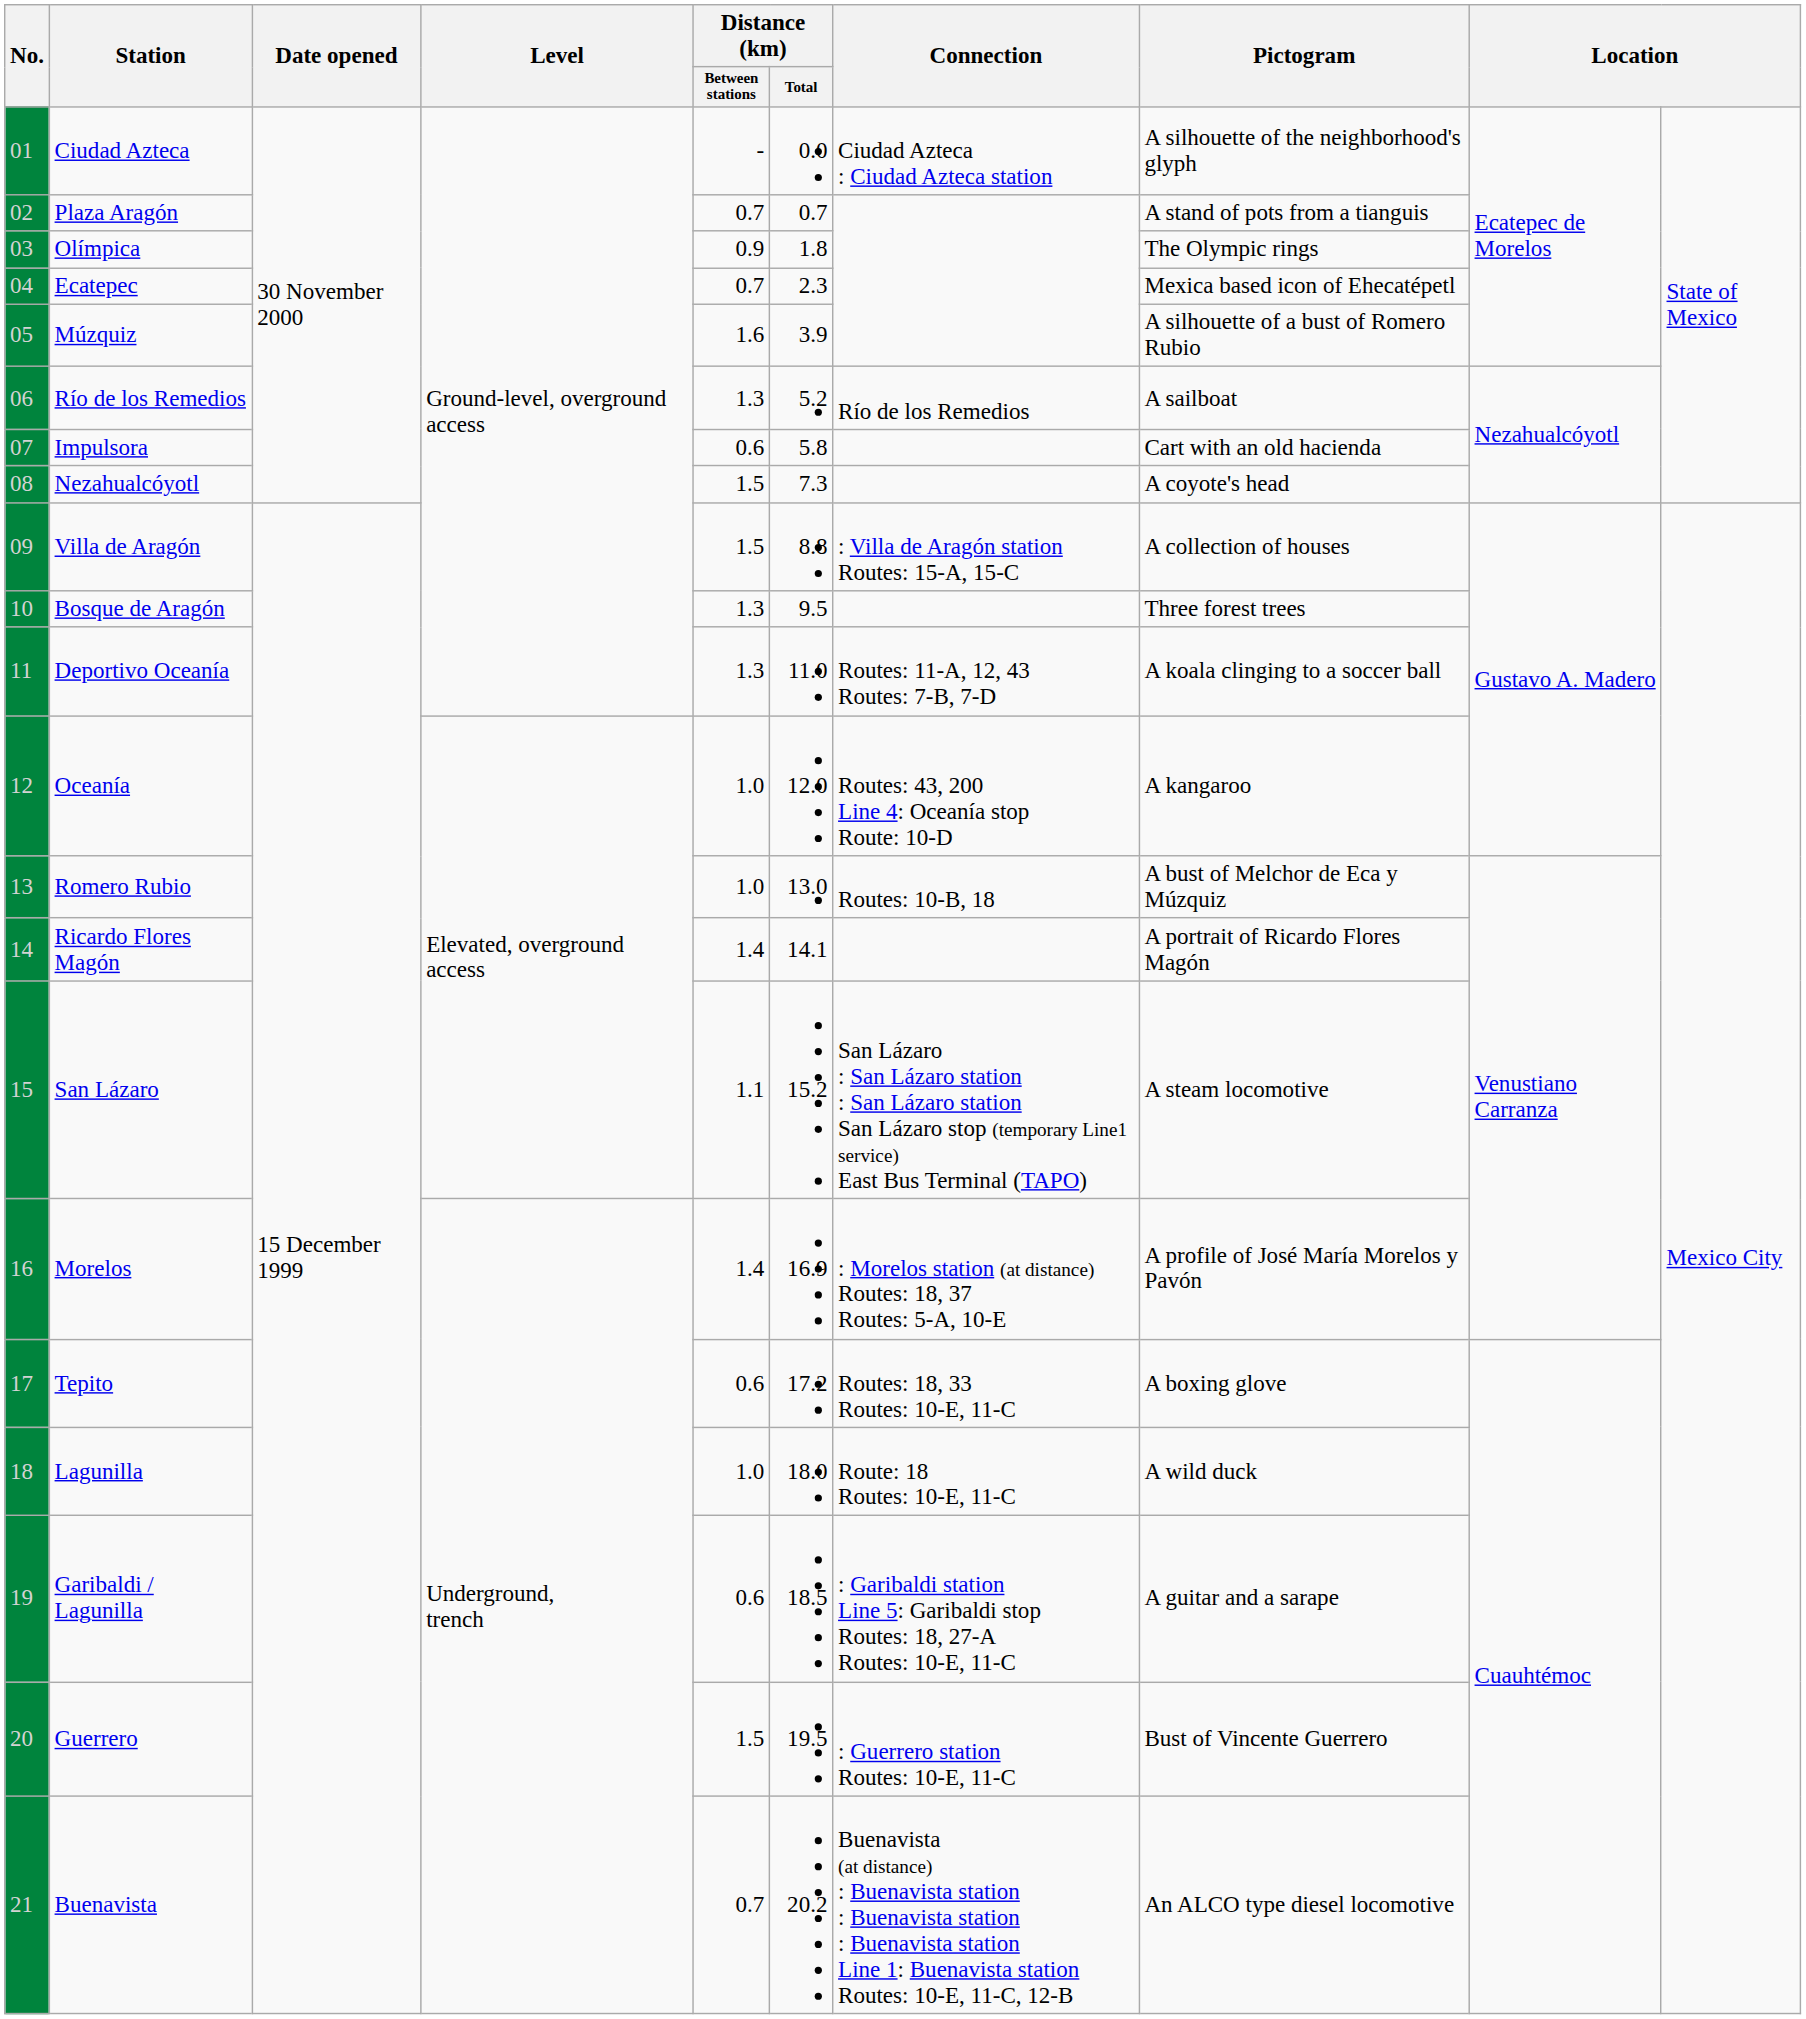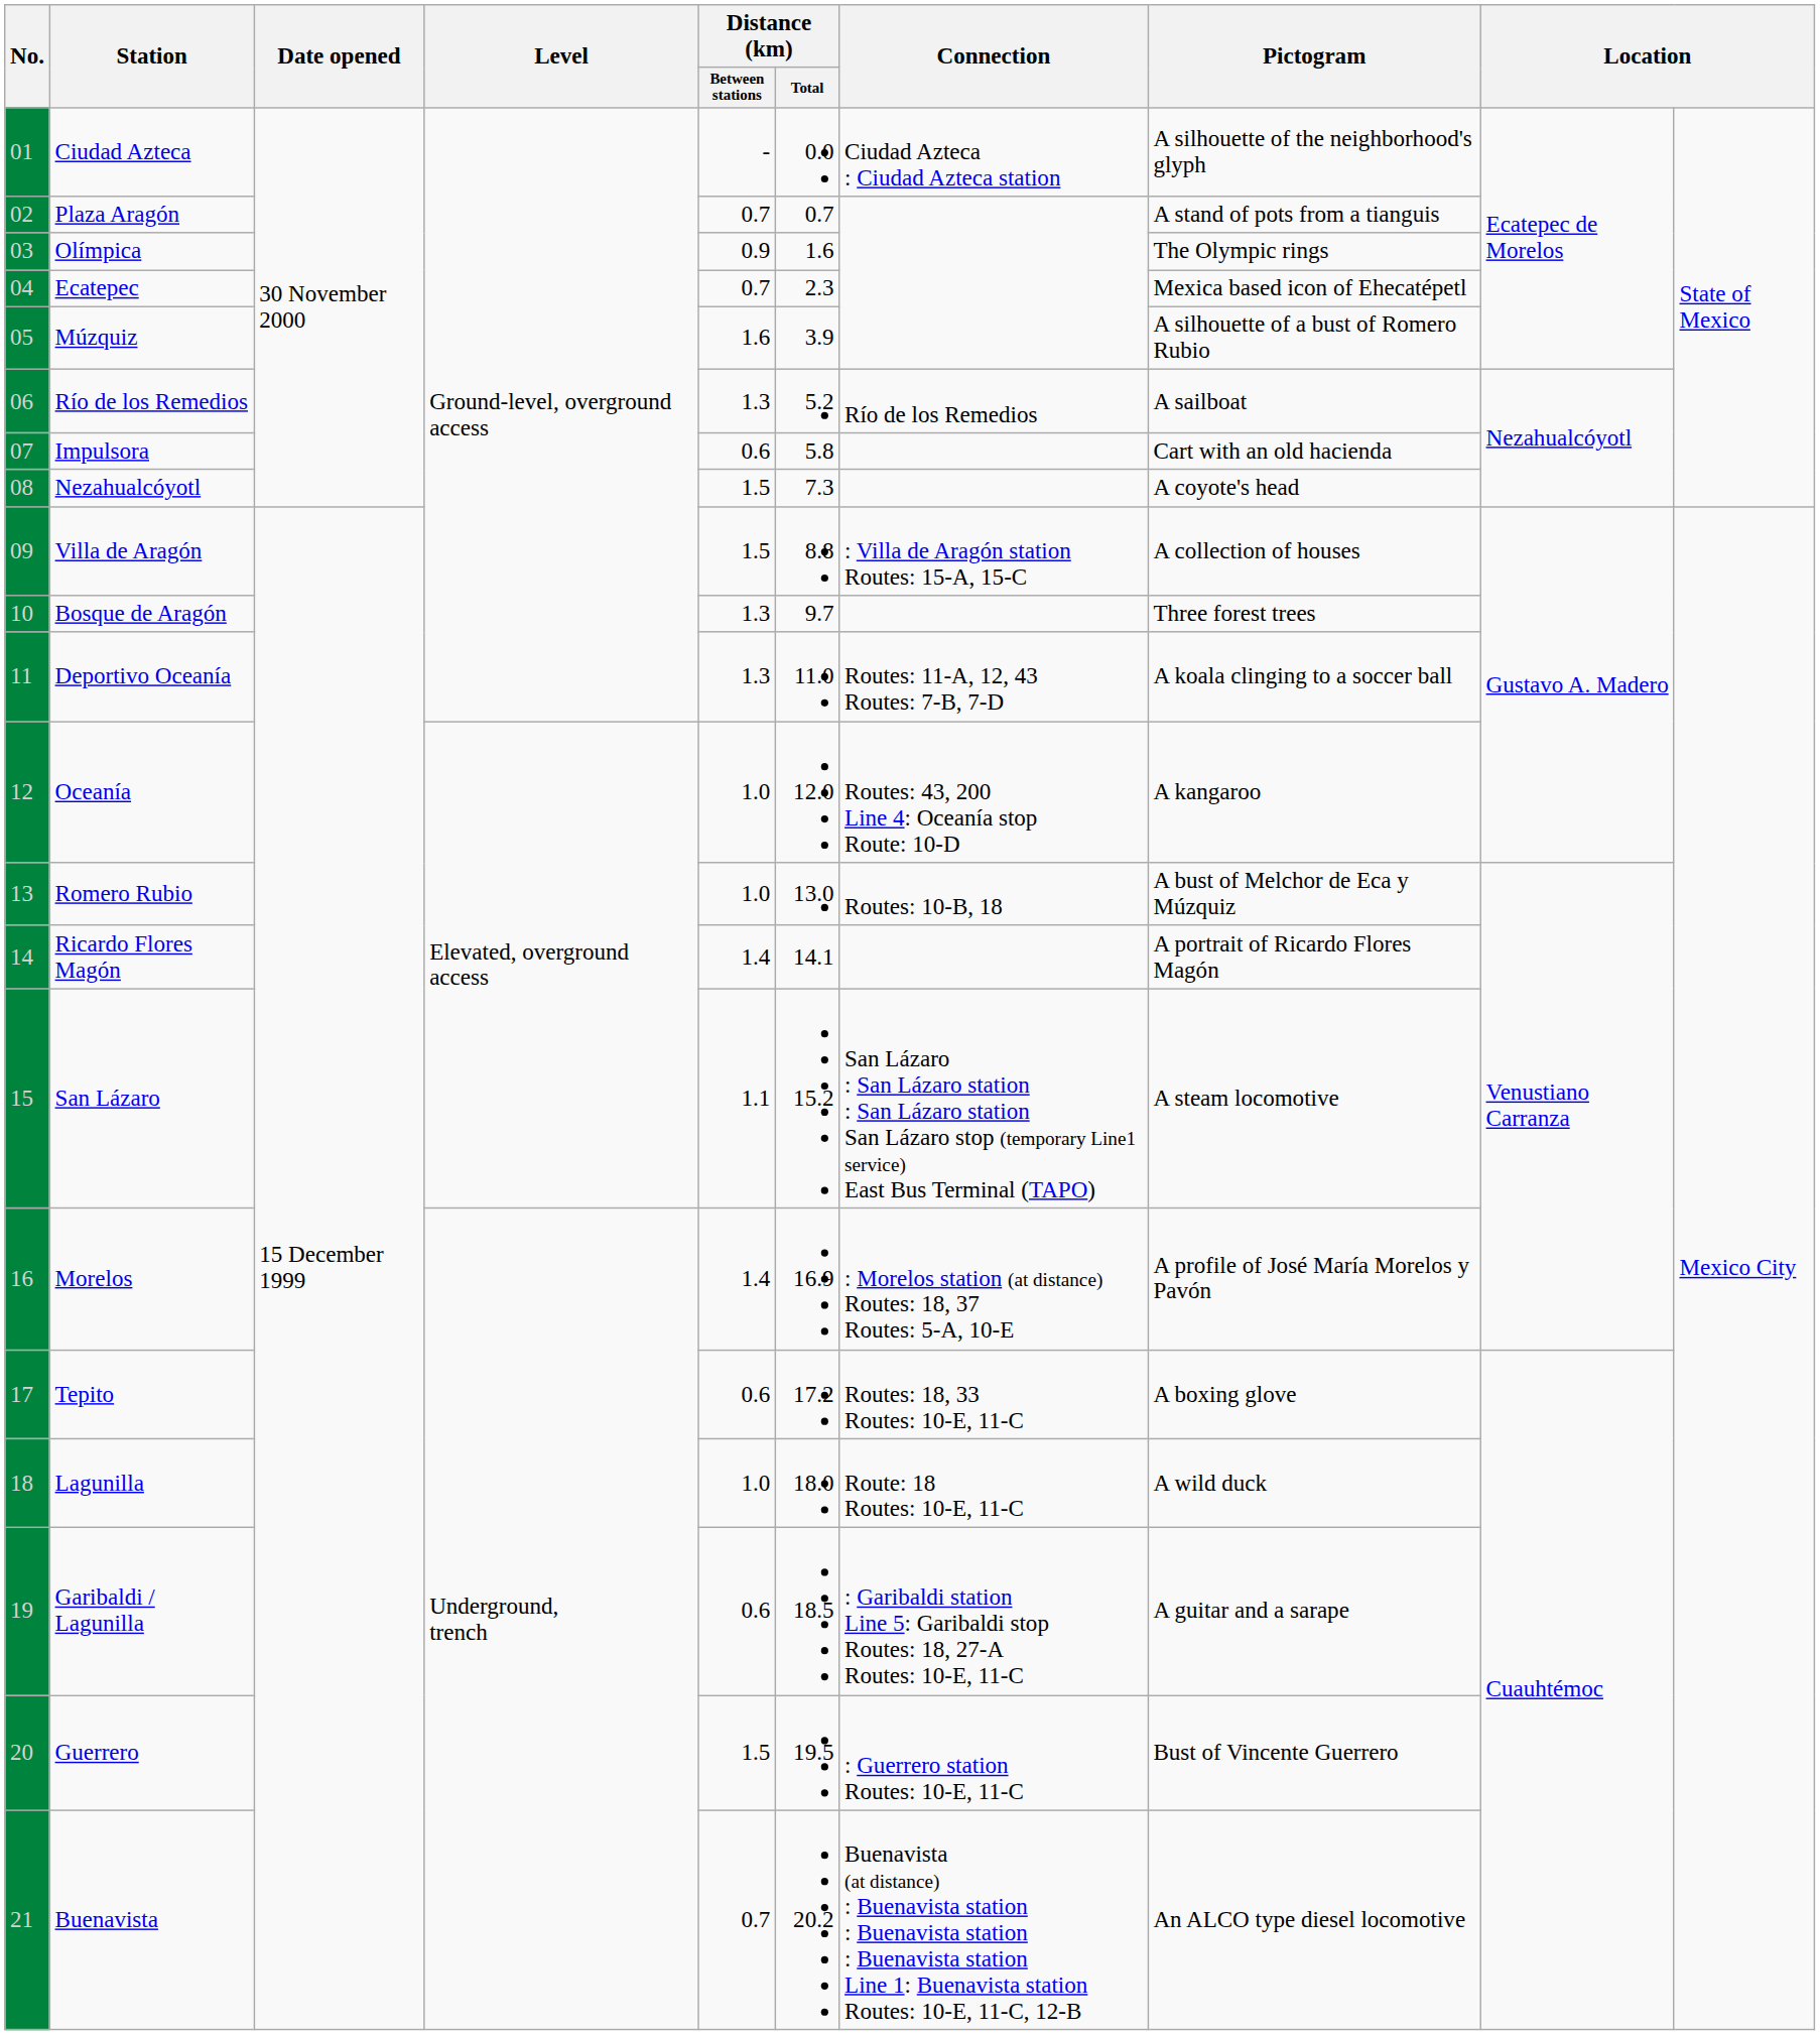 <table class="wikitable" rules="all">
 <tr>
 <th rowspan="2">No.</th>
 <th rowspan="2">Station</th>
 <th rowspan="2">Date opened</th>
 <th rowspan="2">Level</th>
 <th colspan="2">Distance (km)</th>
 <th rowspan="2">Connection</th>
 <th rowspan="2">Pictogram</th>
 <th colspan="2" rowspan="2">Location</th>
 </tr>
 <tr>
 <th style="font-size: 65%;">Between<br>stations</th>
 <th style="font-size: 65%;">Total</th>
 </tr>
 <tr>
 <td style="background: #00843D; color: lightgray;">01</td>
 <td><a href='#'>Ciudad Azteca</a> </td>
 <td rowspan="8">30 November 2000</td>
 <td rowspan="11">Ground-level, overground access</td>
 <td style="text-align:right;">-</td>
 <td style="text-align:right;">0.0</td>
 <td><br><li> Ciudad Azteca</li> <li> : <a href='#'>Ciudad Azteca station</a></td>
 <td>A silhouette of the neighborhood's glyph</td>
 <td rowspan="5"><a href='#'>Ecatepec de Morelos</a></td>
 <td rowspan=8><a href='#'>State of Mexico</a></td>
 </tr>
 <tr>
 <td style="background: #00843D; color: lightgray;">02</td>
 <td><a href='#'>Plaza Aragón</a> </td>
 <td style="text-align:right;">0.7</td>
 <td style="text-align:right;">0.7</td>
 <td rowspan="4"></td>
 <td>A stand of pots from a tianguis</td>
 </tr>
 <tr>
 <td style="background: #00843D; color: lightgray;">03</td>
 <td><a href='#'>Olímpica</a> </td>
 <td style="text-align:right;">0.9</td>
-<td style="text-align:right;">1.8</td>
+<td style="text-align:right;">1.6</td>
 <td>The Olympic rings</td>
 </tr>
 <tr>
 <td style="background: #00843D; color: lightgray;">04</td>
 <td><a href='#'>Ecatepec</a> </td>
 <td style="text-align:right;">0.7</td>
 <td style="text-align:right;">2.3</td>
 <td>Mexica based icon of Ehecatépetl</td>
 </tr>
 <tr>
 <td style="background: #00843D; color: lightgray;">05</td>
 <td><a href='#'>Múzquiz</a> </td>
 <td style="text-align:right;">1.6</td>
 <td style="text-align:right;">3.9</td>
 <td>A silhouette of a bust of Romero Rubio</td>
 </tr>
 <tr>
 <td style="background: #00843D; color: lightgray;">06</td>
 <td><a href='#'>Río de los Remedios</a> </td>
 <td style="text-align:right;">1.3</td>
 <td style="text-align:right;">5.2</td>
 <td><br><li> Río de los Remedios</td>
 <td>A sailboat</td>
 <td rowspan="3"><a href='#'>Nezahualcóyotl</a></td>
 </tr>
 <tr>
 <td style="background: #00843D; color: lightgray;">07</td>
 <td><a href='#'>Impulsora</a> </td>
 <td style="text-align:right;">0.6</td>
 <td style="text-align:right;">5.8</td>
 <td></td>
 <td>Cart with an old hacienda</td>
 </tr>
 <tr>
 <td style="background: #00843D; color: lightgray;">08</td>
 <td><a href='#'>Nezahualcóyotl</a> </td>
 <td style="text-align:right;">1.5</td>
 <td style="text-align:right;">7.3</td>
 <td></td>
 <td>A coyote's head</td>
 </tr>
 <tr>
 <td style="background: #00843D; color: lightgray;">09</td>
 <td><a href='#'>Villa de Aragón</a> </td>
 <td rowspan="13">15 December 1999</td>
 <td style="text-align:right;">1.5</td>
 <td style="text-align:right;">8.8</td>
 <td><br><li> : <a href='#'>Villa de Aragón station</a></li> <li> Routes: 15-A, 15-C</td>
 <td>A collection of houses</td>
 <td rowspan="4"><a href='#'>Gustavo A. Madero</a></td>
 <td rowspan=13><a href='#'>Mexico City</a></td>
 </tr>
 <tr>
 <td style="background: #00843D; color: lightgray;">10</td>
 <td><a href='#'>Bosque de Aragón</a> </td>
 <td style="text-align:right;">1.3</td>
-<td style="text-align:right;">9.5</td>
+<td style="text-align:right;">9.7</td>
 <td></td>
 <td>Three forest trees</td>
 </tr>
 <tr>
 <td style="background: #00843D; color: lightgray;">11</td>
 <td><a href='#'>Deportivo Oceanía</a> </td>
 <td style="text-align:right;">1.3</td>
 <td style="text-align:right;">11.0</td>
 <td><br><li> Routes: 11-A, 12, 43</li> <li> Routes: 7-B, 7-D</td>
 <td>A koala clinging to a soccer ball</td>
 </tr>
 <tr>
 <td style="background: #00843D; color: lightgray;">12</td>
 <td><a href='#'>Oceanía</a> </td>
 <td rowspan="4">Elevated, overground access</td>
 <td style="text-align:right;">1.0</td>
 <td style="text-align:right;">12.0</td>
 <td><br><li> </li> <li> Routes: 43, 200</li> <li>  <a href='#'>Line 4</a>: Oceanía stop</li> <li> Route: 10-D</td>
 <td>A kangaroo</td>
 </tr>
 <tr>
 <td style="background: #00843D; color: lightgray;">13</td>
 <td><a href='#'>Romero Rubio</a> </td>
 <td style="text-align:right;">1.0</td>
 <td style="text-align:right;">13.0</td>
 <td><br><li> Routes: 10-B, 18</td>
 <td>A bust of Melchor de Eca y Múzquiz</td>
 <td rowspan="4"><a href='#'>Venustiano Carranza</a></td>
 </tr>
 <tr>
 <td style="background: #00843D; color: lightgray;">14</td>
 <td><a href='#'>Ricardo Flores Magón</a> </td>
 <td style="text-align:right;">1.4</td>
 <td style="text-align:right;">14.1</td>
 <td></td>
 <td>A portrait of Ricardo Flores Magón</td>
 </tr>
 <tr>
 <td style="background: #00843D; color: lightgray;">15</td>
 <td><a href='#'>San Lázaro</a> </td>
 <td style="text-align:right;">1.1</td>
 <td style="text-align:right;">15.2</td>
 <td><br><li> </li> <li> San Lázaro</li> <li> : <a href='#'>San Lázaro station</a></li> <li> : <a href='#'>San Lázaro station</a></li> <li> San Lázaro stop <small>(temporary Line1 service)</small><li> East Bus Terminal (<a href='#'>TAPO</a>)</td>
 <td>A steam locomotive</td>
 </tr>
 <tr>
 <td style="background: #00843D; color: lightgray;">16</td>
 <td><a href='#'>Morelos</a> </td>
 <td rowspan="6">Underground,<br>trench</td>
 <td style="text-align:right;">1.4</td>
 <td style="text-align:right;">16.9</td>
 <td><br><li> </li> <li> : <a href='#'>Morelos station</a> <small>(at distance)</small></li> <li> Routes: 18, 37</li> <li> Routes: 5-A, 10-E</td>
 <td>A profile of José María Morelos y Pavón</td>
 </tr>
 <tr>
 <td style="background: #00843D; color: lightgray;">17</td>
 <td><a href='#'>Tepito</a> </td>
 <td style="text-align:right;">0.6</td>
 <td style="text-align:right;">17.2</td>
 <td><br><li> Routes: 18, 33</li> <li> Routes: 10-E, 11-C</td>
 <td>A boxing glove</td>
 <td rowspan="5"><a href='#'>Cuauhtémoc</a></td>
 </tr>
 <tr>
 <td style="background: #00843D; color: lightgray;">18</td>
 <td><a href='#'>Lagunilla</a></td>
 <td style="text-align:right;">1.0</td>
 <td style="text-align:right;">18.0</td>
 <td><br><li> Route: 18</li> <li> Routes: 10-E, 11-C</td>
 <td>A wild duck</td>
 </tr>
 <tr>
 <td style="background: #00843D; color: lightgray;">19</td>
 <td><a href='#'>Garibaldi / Lagunilla</a> </td>
 <td style="text-align:right;">0.6</td>
 <td style="text-align:right;">18.5</td>
 <td><br><li> </li> <li> : <a href='#'>Garibaldi station</a></li> <li>  <a href='#'>Line 5</a>: Garibaldi stop</li> <li> Routes: 18, 27-A</li> <li> Routes: 10-E, 11-C</td>
 <td>A guitar and a sarape</td>
 </tr>
 <tr>
 <td style="background: #00843D; color: lightgray;">20</td>
 <td><a href='#'>Guerrero</a> </td>
 <td style="text-align:right;">1.5</td>
 <td style="text-align:right;">19.5</td>
 <td><br><li> </li> <li> : <a href='#'>Guerrero station</a></li> <li> Routes: 10-E, 11-C</td>
 <td>Bust of Vincente Guerrero</td>
 </tr>
 <tr>
 <td style="background: #00843D; color: lightgray;">21</td>
 <td><a href='#'>Buenavista</a> </td>
 <td style="text-align:right;">0.7</td>
 <td style="text-align:right;">20.2</td>
 <td><br><li> Buenavista</li> <li> <small>(at distance)</small></li> <li> : <a href='#'>Buenavista station</a></li> <li> : <a href='#'>Buenavista station</a></li> <li> : <a href='#'>Buenavista station</a></li> <li>  <a href='#'>Line 1</a>: <a href='#'>Buenavista station</a></li> <li> Routes: 10-E, 11-C, 12-B</td>
 <td>An ALCO type diesel locomotive</td>
 </tr>
 </table>
